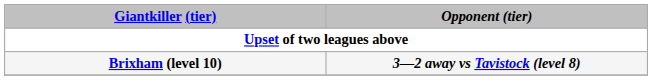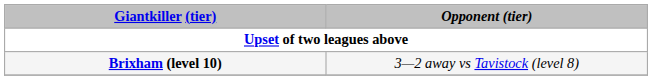 <table class="wikitable" style="width: 575px; background:WhiteSmoke; text-align:center; font-size:80%">
 <tr>
 <td scope="col" style="width: 30.00%; background:silver;"><strong><a href='#'>Giantkiller</a> <a href='#'>(tier)</a></strong></td>
 <td scope="col" style="width: 30.00%; background:silver;"><strong> <em>Opponent (tier)</em> </strong></td>
 </tr>
 <tr>
 <td colspan="2" style= background:White><strong><a href='#'>Upset</a> of two leagues above</strong></td>
 </tr>
 <tr>
 <td><strong><a href='#'>Brixham</a> (level 10)</strong></td>
-<td><strong><em>3—2 away vs <a href='#'>Tavistock</a> (level 8)</em></strong></td>
+<td><em>3—2 away vs <a href='#'>Tavistock</a> (level 8)</em></td>
 </tr>
 <tr>
 </tr>
 </table>
